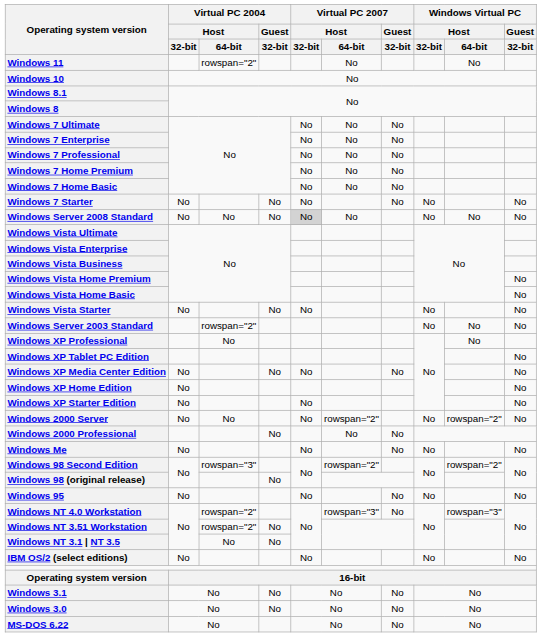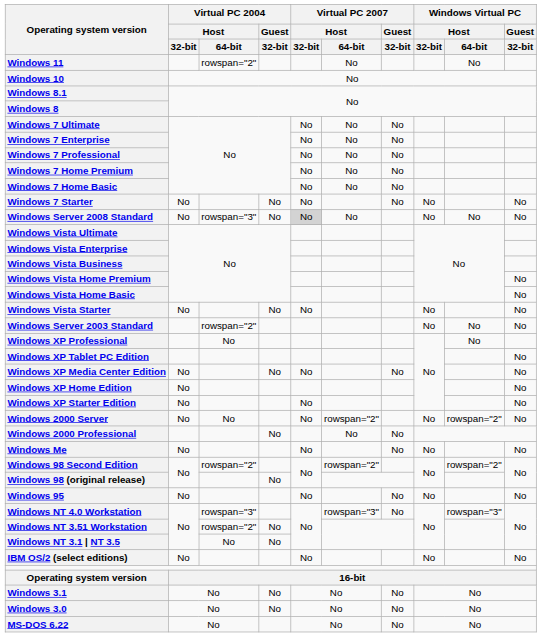 <table style="text-align:center; font-size:90%; margin:1em auto 0 auto" class="wikitable">
 <tr>
 <th rowspan="3">Operating system version</th>
 <th colspan="3" style="padding-bottom:0.6em">Virtual PC 2004<br></th>
 <th colspan="3" style="padding-bottom:0.6em">Virtual PC 2007<br></th>
 <th colspan="4" style="padding-bottom:0.6em">Windows Virtual PC<br></th>
 </tr>
 <tr>
 <th colspan="2">Host</th>
 <th>Guest</th>
 <th colspan="2">Host</th>
 <th>Guest</th>
 <th colspan="2">Host</th>
 <th>Guest</th>
 </tr>
 <tr>
 <th>32-bit</th>
 <th>64-bit</th>
 <th>32-bit</th>
 <th>32-bit</th>
 <th>64-bit</th>
 <th>32-bit</th>
 <th>32-bit</th>
 <th>64-bit</th>
 <th>32-bit</th>
 </tr>
 <tr>
 <th style="text-align:left"><a href='#'>Windows 11</a></th>
 <td></td>
 <td>rowspan="2" </td>
 <td></td>
 <td></td>
 <td>No</td>
 <td></td>
 <td></td>
 <td>No</td>
 <td></td>
 </tr>
 <tr>
 <th style="text-align:left"><a href='#'>Windows 10</a></th>
 <td colspan="9">No</td>
 </tr>
 <tr>
 <th style="text-align:left"><a href='#'>Windows 8.1</a></th>
 <td colspan="9" rowspan="2">No</td>
 </tr>
 <tr>
 <th style="text-align:left"><a href='#'>Windows 8</a></th>
 </tr>
 <tr>
 <th style="text-align:left"><a href='#'>Windows 7 Ultimate</a></th>
 <td rowspan="5" colspan="3">No</td>
 <td>No<span></span></td>
 <td>No<span></span></td>
 <td>No<span></span></td>
 <td></td>
 <td></td>
 <td></td>
 </tr>
 <tr>
 <th style="text-align:left"><a href='#'>Windows 7 Enterprise</a></th>
 <td>No<span></span></td>
 <td>No<span></span></td>
 <td>No<span></span></td>
 <td></td>
 <td></td>
 <td></td>
 </tr>
 <tr>
 <th style="text-align:left"><a href='#'>Windows 7 Professional</a></th>
 <td>No<span></span></td>
 <td>No<span></span></td>
 <td>No<span></span></td>
 <td></td>
 <td></td>
 <td></td>
 </tr>
 <tr>
 <th style="text-align:left"><a href='#'>Windows 7 Home Premium</a></th>
 <td>No</td>
 <td>No</td>
 <td>No</td>
 <td></td>
 <td></td>
 <td></td>
 </tr>
 <tr>
 <th style="text-align:left"><a href='#'>Windows 7 Home Basic</a></th>
 <td>No</td>
 <td>No</td>
 <td>No</td>
 <td></td>
 <td></td>
 <td></td>
 </tr>
 <tr>
 <th style="text-align:left"><a href='#'>Windows 7 Starter</a></th>
 <td>No</td>
 <td></td>
 <td>No</td>
 <td>No</td>
 <td></td>
 <td>No</td>
 <td>No</td>
 <td></td>
 <td>No</td>
 </tr>
 <tr>
 <th style="text-align:left"><a href='#'>Windows Server 2008 Standard</a></th>
 <td>No</td>
-<td>No</td>
+<td>rowspan="3" </td>
 <td>No</td>
 <td style="background: lightgrey;">No</td>
 <td>No</td>
 <td></td>
 <td>No</td>
 <td>No</td>
 <td>No</td>
 </tr>
 <tr>
 <th style="text-align:left"><a href='#'>Windows Vista Ultimate</a></th>
 <td colspan="3" rowspan="5">No</td>
 <td></td>
 <td></td>
 <td></td>
 <td colspan="2" rowspan="5">No</td>
 <td></td>
 </tr>
 <tr>
 <th style="text-align:left"><a href='#'>Windows Vista Enterprise</a></th>
 <td></td>
 <td></td>
 <td></td>
 <td></td>
 </tr>
 <tr>
 <th style="text-align:left"><a href='#'>Windows Vista Business</a></th>
 <td></td>
 <td></td>
 <td></td>
 <td></td>
 </tr>
 <tr>
 <th style="text-align:left"><a href='#'>Windows Vista Home Premium</a></th>
 <td></td>
 <td></td>
 <td></td>
 <td>No</td>
 </tr>
 <tr>
 <th style="text-align:left"><a href='#'>Windows Vista Home Basic</a></th>
 <td></td>
 <td></td>
 <td></td>
 <td>No</td>
 </tr>
 <tr>
 <th style="text-align:left"><a href='#'>Windows Vista Starter</a></th>
 <td>No</td>
 <td></td>
 <td>No</td>
 <td>No</td>
 <td></td>
 <td></td>
 <td>No</td>
 <td></td>
 <td>No</td>
 </tr>
 <tr>
 <th style="text-align:left"><a href='#'>Windows Server 2003 Standard</a></th>
 <td></td>
 <td>rowspan="2" </td>
 <td></td>
 <td></td>
 <td></td>
 <td></td>
 <td>No</td>
 <td>No</td>
 <td>No</td>
 </tr>
 <tr>
 <th style="text-align:left"><a href='#'>Windows XP Professional</a></th>
 <td></td>
 <td>No</td>
 <td></td>
 <td></td>
 <td></td>
 <td></td>
 <td rowspan="5">No</td>
 <td>No</td>
 <td></td>
 </tr>
 <tr>
 <th style="text-align:left"><a href='#'>Windows XP Tablet PC Edition</a></th>
 <td></td>
 <td></td>
 <td></td>
 <td></td>
 <td></td>
 <td></td>
 <td></td>
 <td>No</td>
 </tr>
 <tr>
 <th style="text-align:left"><a href='#'>Windows XP Media Center Edition</a></th>
 <td>No</td>
 <td></td>
 <td>No</td>
 <td>No</td>
 <td></td>
 <td>No</td>
 <td></td>
 <td>No</td>
 </tr>
 <tr>
 <th style="text-align:left"><a href='#'>Windows XP Home Edition</a></th>
 <td>No</td>
 <td></td>
 <td></td>
 <td></td>
 <td></td>
 <td></td>
 <td></td>
 <td>No</td>
 </tr>
 <tr>
 <th style="text-align:left"><a href='#'>Windows XP Starter Edition</a></th>
 <td>No</td>
 <td></td>
 <td></td>
 <td>No</td>
 <td></td>
 <td></td>
 <td></td>
 <td>No</td>
 </tr>
 <tr>
 <th style="text-align:left"><a href='#'>Windows 2000 Server</a></th>
 <td>No</td>
 <td>No</td>
 <td></td>
 <td>No</td>
 <td>rowspan="2" </td>
 <td></td>
 <td>No</td>
 <td>rowspan="2" </td>
 <td>No</td>
 </tr>
 <tr>
 <th style="text-align:left"><a href='#'>Windows 2000 Professional</a></th>
 <td></td>
 <td></td>
 <td>No</td>
 <td></td>
 <td>No</td>
 <td>No</td>
 </tr>
 <tr>
 <th style="text-align:left"><a href='#'>Windows Me</a></th>
 <td>No</td>
 <td></td>
 <td></td>
 <td>No</td>
 <td></td>
 <td>No</td>
 <td>No</td>
 <td></td>
 <td>No</td>
 </tr>
 <tr>
 <th style="text-align:left"><a href='#'>Windows 98&nbsp;Second Edition</a></th>
 <td rowspan="2">No</td>
-<td>rowspan="3" </td>
+<td>rowspan="2" </td>
 <td></td>
 <td rowspan="2">No</td>
 <td>rowspan="2" </td>
 <td></td>
 <td rowspan="2">No</td>
 <td>rowspan="2" </td>
 <td rowspan="2">No</td>
 </tr>
 <tr>
 <th style="text-align:left"><a href='#'>Windows 98</a> <span>(original release)</span></th>
 <td></td>
 <td>No</td>
 </tr>
 <tr>
 <th style="text-align:left"><a href='#'>Windows 95</a></th>
 <td>No</td>
 <td></td>
 <td></td>
 <td>No</td>
 <td></td>
 <td>No<span></span></td>
 <td>No</td>
 <td></td>
 <td>No</td>
 </tr>
 <tr>
 <th style="text-align:left"><a href='#'>Windows NT 4.0 Workstation</a></th>
 <td rowspan="3">No</td>
-<td>rowspan="2" </td>
+<td>rowspan="3" </td>
 <td></td>
 <td rowspan="3">No</td>
 <td>rowspan="3" </td>
 <td>No</td>
 <td rowspan="3">No</td>
 <td>rowspan="3" </td>
 <td rowspan="3">No</td>
 </tr>
 <tr>
 <th style="text-align:left"><a href='#'>Windows NT 3.51 Workstation</a></th>
 <td>rowspan="2" </td>
 <td>No</td>
 </tr>
 <tr>
 <th style="text-align:left"><a href='#'>Windows NT 3.1</a> | <a href='#'>NT 3.5</a></th>
 <td>No</td>
 <td>No</td>
 </tr>
 <tr>
 <th style="text-align:left"><a href='#'>IBM OS/2</a> <span>(select editions)</span></th>
 <td>No</td>
 <td></td>
 <td></td>
 <td>No</td>
 <td></td>
 <td></td>
 <td>No</td>
 <td></td>
 <td>No</td>
 </tr>
 <tr>
 <td colspan="13"></td>
 </tr>
 <tr>
 <th>Operating system version</th>
 <th colspan="10">16-bit</th>
 </tr>
 <tr>
 <th style="text-align:left"><a href='#'>Windows 3.1</a></th>
 <td colspan="2">No</td>
 <td>No</td>
 <td colspan="2">No</td>
 <td>No</td>
 <td colspan="4">No</td>
 </tr>
 <tr>
 <th style="text-align:left"><a href='#'>Windows 3.0</a></th>
 <td colspan="2">No</td>
 <td>No</td>
 <td colspan="2">No</td>
 <td>No</td>
 <td colspan="4">No</td>
 </tr>
 <tr>
 <th style="text-align:left"><a href='#'>MS-DOS 6.22</a></th>
 <td colspan="2">No</td>
 <td></td>
 <td colspan="2">No</td>
 <td>No</td>
 <td colspan="4">No</td>
 </tr>
 </table>
